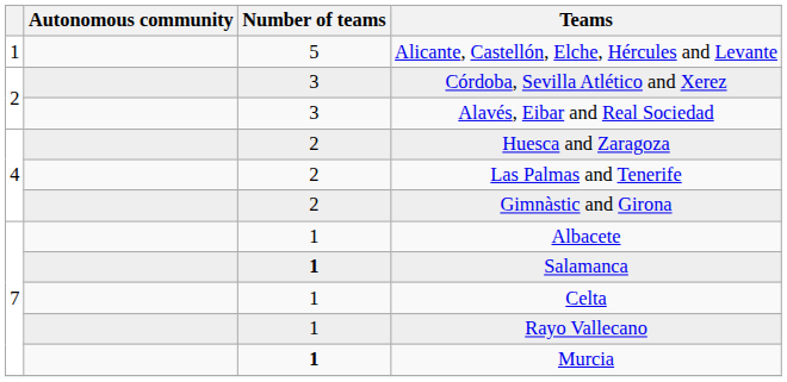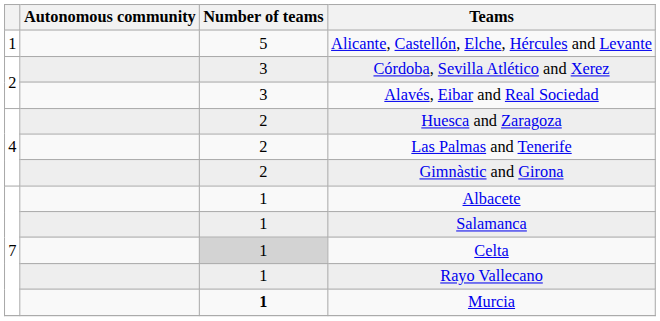 <table class="wikitable">
 <tr>
 <th></th>
 <th>Autonomous community</th>
 <th>Number of teams</th>
 <th>Teams</th>
 </tr>
 <tr>
 <td rowspan=1 bgcolor=white>1</td>
 <td></td>
 <td align=center>5</td>
 <td align=center><a href='#'>Alicante</a>, <a href='#'>Castellón</a>, <a href='#'>Elche</a>, <a href='#'>Hércules</a> and <a href='#'>Levante</a></td>
 </tr>
 <tr bgcolor="EEEEEE">
 <td rowspan=2 bgcolor=white>2</td>
 <td></td>
 <td align=center>3</td>
 <td align=center><a href='#'>Córdoba</a>, <a href='#'>Sevilla Atlético</a> and <a href='#'>Xerez</a></td>
 </tr>
 <tr>
 <td></td>
 <td align=center>3</td>
 <td align=center><a href='#'>Alavés</a>, <a href='#'>Eibar</a> and <a href='#'>Real Sociedad</a></td>
 </tr>
 <tr bgcolor="EEEEEE">
 <td rowspan=3 bgcolor=white>4</td>
 <td></td>
 <td align=center>2</td>
 <td align=center><a href='#'>Huesca</a> and <a href='#'>Zaragoza</a></td>
 </tr>
 <tr>
 <td></td>
 <td align=center>2</td>
 <td align=center><a href='#'>Las Palmas</a> and <a href='#'>Tenerife</a></td>
 </tr>
 <tr bgcolor="EEEEEE">
 <td></td>
 <td align=center>2</td>
 <td align=center><a href='#'>Gimnàstic</a> and <a href='#'>Girona</a></td>
 </tr>
 <tr>
 <td rowspan=5 bgcolor=white>7</td>
 <td></td>
 <td align=center>1</td>
 <td align=center><a href='#'>Albacete</a></td>
 </tr>
 <tr bgcolor="EEEEEE">
 <td></td>
-<td align=center><strong>1</strong></td>
+<td align=center>1</td>
 <td align=center><a href='#'>Salamanca</a></td>
 </tr>
 <tr>
 <td></td>
-<td align=center>1</td>
+<td align=center style="background: lightgrey;">1</td>
 <td align=center><a href='#'>Celta</a></td>
 </tr>
 <tr bgcolor="EEEEEE">
 <td></td>
 <td align=center>1</td>
 <td align=center><a href='#'>Rayo Vallecano</a></td>
 </tr>
 <tr>
 <td></td>
 <td align=center><strong>1</strong></td>
 <td align=center><a href='#'>Murcia</a></td>
 </tr>
 <tr>
 </tr>
 </table>
